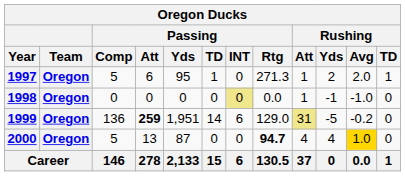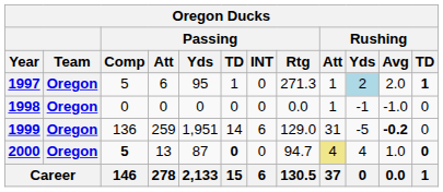 <table class="wikitable" style="text-align:center;">
 <tr>
 <th colspan="12">Oregon Ducks</th>
 </tr>
 <tr>
 <th colspan="2"></th>
 <th colspan="6">Passing</th>
 <th colspan="4">Rushing</th>
 </tr>
 <tr>
 <th>Year</th>
 <th>Team</th>
 <th>Comp</th>
 <th>Att</th>
 <th>Yds</th>
 <th>TD</th>
 <th>INT</th>
 <th>Rtg</th>
 <th>Att</th>
 <th>Yds</th>
 <th>Avg</th>
 <th>TD</th>
 </tr>
 <tr>
 <th><a href='#'>1997</a></th>
 <th><a href='#'>Oregon</a></th>
 <td>5</td>
 <td>6</td>
 <td>95</td>
 <td>1</td>
 <td>0</td>
 <td>271.3</td>
 <td>1</td>
-<td>2</td>
+<td style="background: lightblue;">2</td>
 <td>2.0</td>
-<td>1</td>
+<td><strong>1</strong></td>
 </tr>
 <tr>
 <th><a href='#'>1998</a></th>
 <th><a href='#'>Oregon</a></th>
 <td>0</td>
 <td>0</td>
 <td>0</td>
 <td>0</td>
-<td style="background: khaki;">0</td>
+<td>0</td>
 <td>0.0</td>
 <td>1</td>
 <td>-1</td>
 <td>-1.0</td>
 <td>0</td>
 </tr>
 <tr>
 <th><a href='#'>1999</a></th>
 <th><a href='#'>Oregon</a></th>
 <td>136</td>
-<td><strong>259</strong></td>
+<td>259</td>
 <td>1,951</td>
 <td>14</td>
 <td>6</td>
 <td>129.0</td>
-<td style="background: khaki;">31</td>
+<td>31</td>
 <td>-5</td>
-<td>-0.2</td>
+<td><strong>-0.2</strong></td>
 <td>0</td>
 </tr>
 <tr>
 <th><a href='#'>2000</a></th>
 <th><a href='#'>Oregon</a></th>
-<td>5</td>
+<td><strong>5</strong></td>
 <td>13</td>
 <td>87</td>
+<td><strong>0</strong></td>
 <td>0</td>
-<td>0</td>
-<td><strong>94.7</strong></td>
+<td>94.7</td>
+<td style="background: khaki;">4</td>
 <td>4</td>
-<td>4</td>
-<td style="background: gold;">1.0</td>
-<td>0</td>
+<td>1.0</td>
+<td><strong>0</strong></td>
 </tr>
 <tr style="background:#eee;">
 <th colspan=2><strong>Career</strong></th>
 <th>146</th>
 <th>278</th>
 <th>2,133</th>
 <th>15</th>
 <th>6</th>
 <th>130.5</th>
 <th>37</th>
 <th>0</th>
 <th>0.0</th>
 <th>1</th>
 </tr>
 </table>
